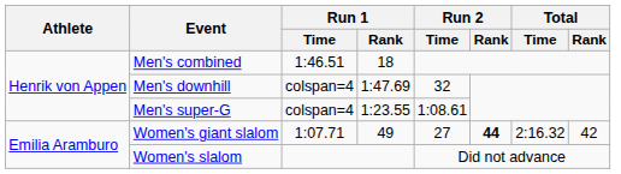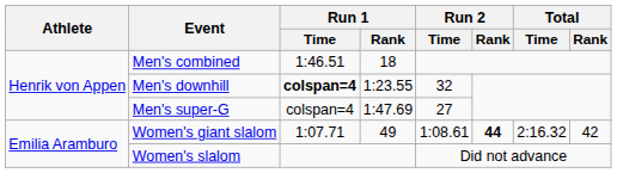 <table class=wikitable style=font-size:90%;text-align:center>
 <tr>
 <th rowspan=2>Athlete</th>
 <th rowspan=2>Event</th>
 <th colspan=2>Run 1</th>
 <th colspan=2>Run 2</th>
 <th colspan=2>Total</th>
 </tr>
 <tr style="font-size:95%">
 <th>Time</th>
 <th>Rank</th>
 <th>Time</th>
 <th>Rank</th>
 <th>Time</th>
 <th>Rank</th>
 </tr>
 <tr>
 <td align=left rowspan=3><a href='#'>Henrik von Appen</a></td>
 <td align=left><a href='#'>Men's combined</a></td>
 <td>1:46.51</td>
 <td>18</td>
 <td colspan=4></td>
 </tr>
 <tr>
 <td align=left><a href='#'>Men's downhill</a></td>
-<td>colspan=4</td>
-<td>1:47.69</td>
+<td><strong>colspan=4</strong></td>
+<td>1:23.55</td>
 <td>32</td>
 </tr>
 <tr>
 <td align=left><a href='#'>Men's super-G</a></td>
 <td>colspan=4</td>
-<td>1:23.55</td>
-<td>1:08.61</td>
+<td>1:47.69</td>
+<td>27</td>
 </tr>
 <tr>
 <td align=left rowspan=2><a href='#'>Emilia Aramburo</a></td>
 <td align=left><a href='#'>Women's giant slalom</a></td>
 <td>1:07.71</td>
 <td>49</td>
-<td>27</td>
+<td>1:08.61</td>
 <td><strong>44</strong></td>
 <td>2:16.32</td>
 <td>42</td>
 </tr>
 <tr>
 <td align=left><a href='#'>Women's slalom</a></td>
 <td colspan=2></td>
 <td colspan=4>Did not advance</td>
 </tr>
 </table>
